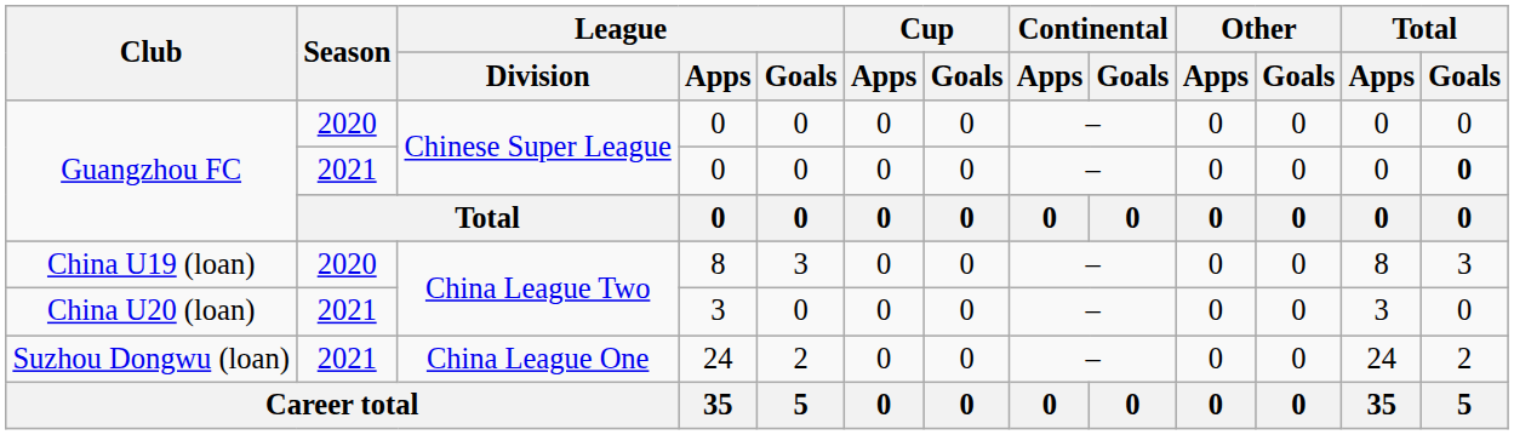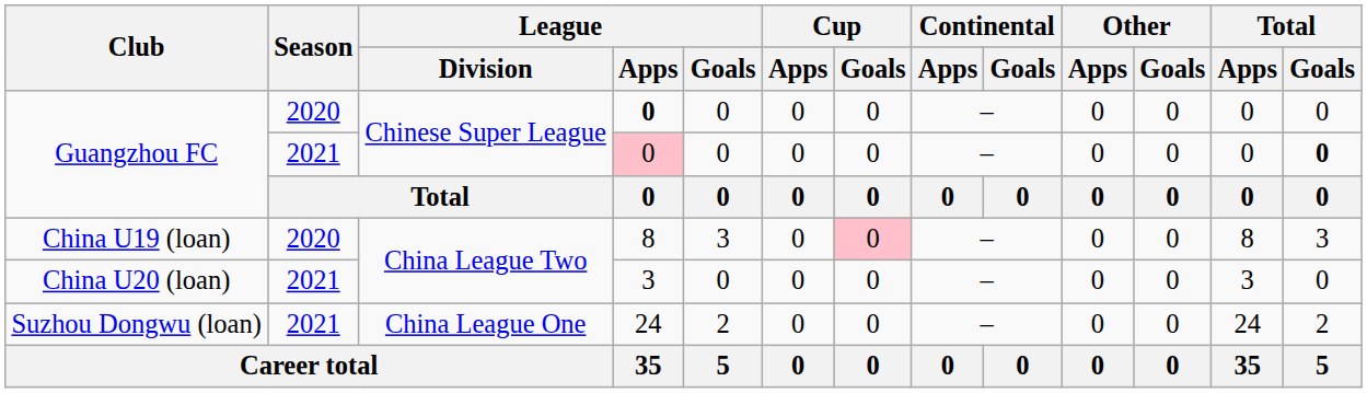 <table class="wikitable" style="text-align: center">
 <tr>
 <th rowspan="2">Club</th>
 <th rowspan="2">Season</th>
 <th colspan="3">League</th>
 <th colspan="2">Cup</th>
 <th colspan="2">Continental</th>
 <th colspan="2">Other</th>
 <th colspan="2">Total</th>
 </tr>
 <tr>
 <th>Division</th>
 <th>Apps</th>
 <th>Goals</th>
 <th>Apps</th>
 <th>Goals</th>
 <th>Apps</th>
 <th>Goals</th>
 <th>Apps</th>
 <th>Goals</th>
 <th>Apps</th>
 <th>Goals</th>
 </tr>
 <tr>
 <td rowspan="3"><a href='#'>Guangzhou FC</a></td>
 <td><a href='#'>2020</a></td>
 <td rowspan="2"><a href='#'>Chinese Super League</a></td>
-<td>0</td>
+<td><strong>0</strong></td>
 <td>0</td>
 <td>0</td>
 <td>0</td>
 <td colspan="2">–</td>
 <td>0</td>
 <td>0</td>
 <td>0</td>
 <td>0</td>
 </tr>
 <tr>
 <td><a href='#'>2021</a></td>
-<td>0</td>
+<td style="background: pink;">0</td>
 <td>0</td>
 <td>0</td>
 <td>0</td>
 <td colspan="2">–</td>
 <td>0</td>
 <td>0</td>
 <td>0</td>
 <td><strong>0</strong></td>
 </tr>
 <tr>
 <th colspan=2>Total</th>
 <th>0</th>
 <th>0</th>
 <th>0</th>
 <th>0</th>
 <th>0</th>
 <th>0</th>
 <th>0</th>
 <th>0</th>
 <th>0</th>
 <th>0</th>
 </tr>
 <tr>
 <td><a href='#'>China U19</a> (loan)</td>
 <td><a href='#'>2020</a></td>
 <td rowspan="2"><a href='#'>China League Two</a></td>
 <td>8</td>
 <td>3</td>
 <td>0</td>
-<td>0</td>
+<td style="background: pink;">0</td>
 <td colspan="2">–</td>
 <td>0</td>
 <td>0</td>
 <td>8</td>
 <td>3</td>
 </tr>
 <tr>
 <td><a href='#'>China U20</a> (loan)</td>
 <td><a href='#'>2021</a></td>
 <td>3</td>
 <td>0</td>
 <td>0</td>
 <td>0</td>
 <td colspan="2">–</td>
 <td>0</td>
 <td>0</td>
 <td>3</td>
 <td>0</td>
 </tr>
 <tr>
 <td><a href='#'>Suzhou Dongwu</a> (loan)</td>
 <td><a href='#'>2021</a></td>
 <td><a href='#'>China League One</a></td>
 <td>24</td>
 <td>2</td>
 <td>0</td>
 <td>0</td>
 <td colspan="2">–</td>
 <td>0</td>
 <td>0</td>
 <td>24</td>
 <td>2</td>
 </tr>
 <tr>
 <th colspan=3>Career total</th>
 <th>35</th>
 <th>5</th>
 <th>0</th>
 <th>0</th>
 <th>0</th>
 <th>0</th>
 <th>0</th>
 <th>0</th>
 <th>35</th>
 <th>5</th>
 </tr>
 </table>
